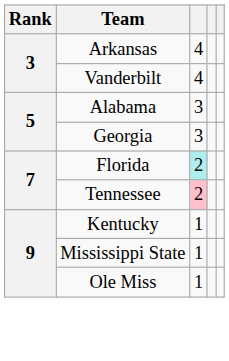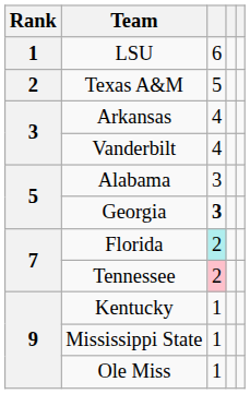 <table class="wikitable" style="text-align:center; display: inline-table">
 <tr>
 <th>Rank</th>
 <th>Team</th>
 <th></th>
 <th></th>
 <th></th>
+</tr>
+<tr>
+<th scope="row">1</th>
+<td>LSU</td>
+<td>6</td>
+<td></td>
+<td></td>
+</tr>
+<tr>
+<th scope="row">2</th>
+<td>Texas A&M</td>
+<td>5</td>
+<td></td>
+<td></td>
 </tr>
 <tr>
 <th scope="row" rowspan=2>3</th>
 <td>Arkansas</td>
 <td>4</td>
 <td></td>
 <td></td>
 </tr>
 <tr>
 <td>Vanderbilt</td>
 <td>4</td>
 <td></td>
 <td></td>
 </tr>
 <tr>
 <th scope="row" rowspan=2>5</th>
 <td>Alabama</td>
 <td>3</td>
 <td></td>
 <td></td>
 </tr>
 <tr>
 <td>Georgia</td>
-<td>3</td>
+<td><strong>3</strong></td>
 <td></td>
 <td></td>
 </tr>
 <tr>
 <th scope="row" rowspan=2>7</th>
 <td>Florida</td>
 <td style="background: paleturquoise;">2</td>
 <td></td>
 <td></td>
 </tr>
 <tr>
 <td>Tennessee</td>
 <td style="background: pink;">2</td>
 <td></td>
 <td></td>
 </tr>
 <tr>
 <th scope="row" rowspan=3>9</th>
 <td>Kentucky</td>
 <td>1</td>
 <td></td>
 <td></td>
 </tr>
 <tr>
 <td>Mississippi State</td>
 <td>1</td>
 <td></td>
 <td></td>
 </tr>
 <tr>
 <td>Ole Miss</td>
 <td>1</td>
 <td></td>
 <td></td>
 </tr>
 </table>
